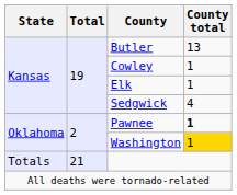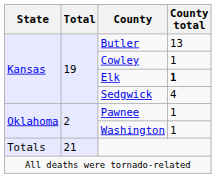 <table class="wikitable" style="margin:0 0 0.5em 1em;float:right;">
 <tr>
 <th>State</th>
 <th>Total</th>
 <th>County</th>
 <th>County<br>total</th>
 </tr>
 <tr>
 <td rowspan="4" style="background:#e6e9ff;"><a href='#'>Kansas</a></td>
 <td rowspan="4" style="background:#e6e9ff;">19</td>
 <td><a href='#'>Butler</a></td>
 <td>13</td>
 </tr>
 <tr>
 <td><a href='#'>Cowley</a></td>
 <td>1</td>
 </tr>
 <tr>
 <td><a href='#'>Elk</a></td>
-<td>1</td>
+<td><strong>1</strong></td>
 </tr>
 <tr>
 <td><a href='#'>Sedgwick</a></td>
 <td>4</td>
 </tr>
 <tr>
 <td rowspan="2" style="background:#e6e9ff;"><a href='#'>Oklahoma</a></td>
 <td rowspan="2" style="background:#e6e9ff;">2</td>
 <td><a href='#'>Pawnee</a></td>
-<td><strong>1</strong></td>
+<td>1</td>
 </tr>
 <tr>
 <td><a href='#'>Washington</a></td>
-<td style="background: gold;">1</td>
+<td>1</td>
 </tr>
 <tr>
 <td style="background:#e6e9ff;">Totals</td>
 <td style="background:#e6e9ff;">21</td>
 <td colspan=2></td>
 </tr>
 <tr>
 <td colspan="4" style="text-align:center;"><small>All deaths were tornado-related</small></td>
 </tr>
 </table>
